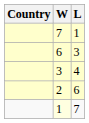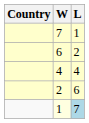 <table class="wikitable">
 <tr>
 <th>Country</th>
 <th>W</th>
 <th>L</th>
 </tr>
 <tr bgcolor="#ffffcc">
 <td></td>
 <td>7</td>
 <td>1</td>
 </tr>
 <tr bgcolor="#ffffcc">
 <td></td>
 <td>6</td>
-<td>3</td>
+<td>2</td>
 </tr>
 <tr bgcolor="#ffffcc">
 <td></td>
-<td>3</td>
+<td>4</td>
 <td>4</td>
 </tr>
 <tr bgcolor="#ffffcc">
 <td></td>
 <td>2</td>
 <td>6</td>
 </tr>
 <tr>
 <td></td>
 <td style="background: lightyellow;">1</td>
-<td>7</td>
+<td style="background: lightblue;">7</td>
 </tr>
 </table>
